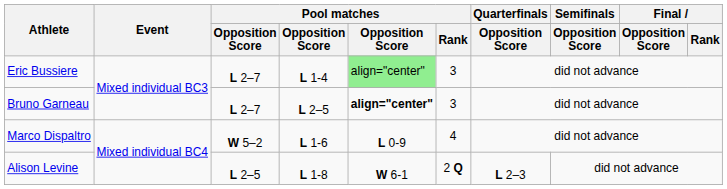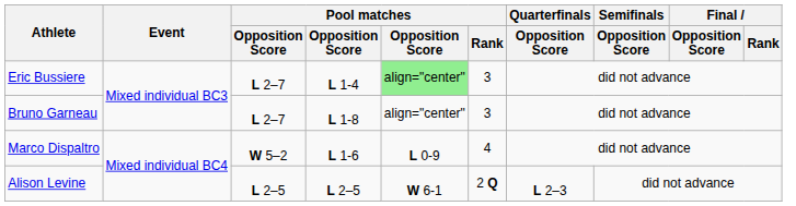 <table class=wikitable style="font-size:90%">
 <tr>
 <th rowspan="2">Athlete</th>
 <th rowspan="2">Event</th>
 <th colspan="4">Pool matches</th>
 <th>Quarterfinals</th>
 <th>Semifinals</th>
 <th colspan="2">Final / </th>
 </tr>
 <tr>
 <th>Opposition<br>Score</th>
 <th>Opposition<br>Score</th>
 <th>Opposition<br>Score</th>
 <th>Rank</th>
 <th>Opposition<br>Score</th>
 <th>Opposition<br>Score</th>
 <th>Opposition<br>Score</th>
 <th>Rank</th>
 </tr>
 <tr>
 <td><a href='#'>Eric Bussiere</a></td>
 <td rowspan="2"><a href='#'>Mixed individual BC3</a></td>
 <td align="center"><br><strong>L</strong> 2–7</td>
 <td align="center"><br><strong>L</strong> 1-4</td>
 <td style="background: lightgreen;">align="center" </td>
 <td align="center">3</td>
 <td align="center" colspan=4>did not advance</td>
 </tr>
 <tr>
 <td><a href='#'>Bruno Garneau</a></td>
 <td align="center"><br> <strong>L</strong> 2–7</td>
-<td align="center"><br><strong>L</strong> 2–5</td>
-<td><strong>align="center" </strong></td>
+<td align="center"><br> <strong>L</strong> 1-8</td>
+<td>align="center" </td>
 <td align="center">3</td>
 <td align="center" colspan=4>did not advance</td>
 </tr>
 <tr>
 <td><a href='#'>Marco Dispaltro</a></td>
 <td rowspan="2"><a href='#'>Mixed individual BC4</a></td>
 <td align="center"><br><strong>W</strong> 5–2</td>
 <td align="center"><br><strong>L</strong> 1-6</td>
 <td align="center"><br><strong>L</strong> 0-9</td>
 <td align="center">4</td>
 <td align="center" colspan=4>did not advance</td>
 </tr>
 <tr>
 <td><a href='#'>Alison Levine</a></td>
 <td align="center"><br><strong>L</strong> 2–5</td>
-<td align="center"><br> <strong>L</strong> 1-8</td>
+<td align="center"><br><strong>L</strong> 2–5</td>
 <td align="center"><br><strong>W</strong> 6-1</td>
 <td align="center">2 <strong>Q</strong></td>
 <td align="center"><br><strong>L</strong> 2–3</td>
 <td align="center" colspan=3>did not advance</td>
 </tr>
 </table>
